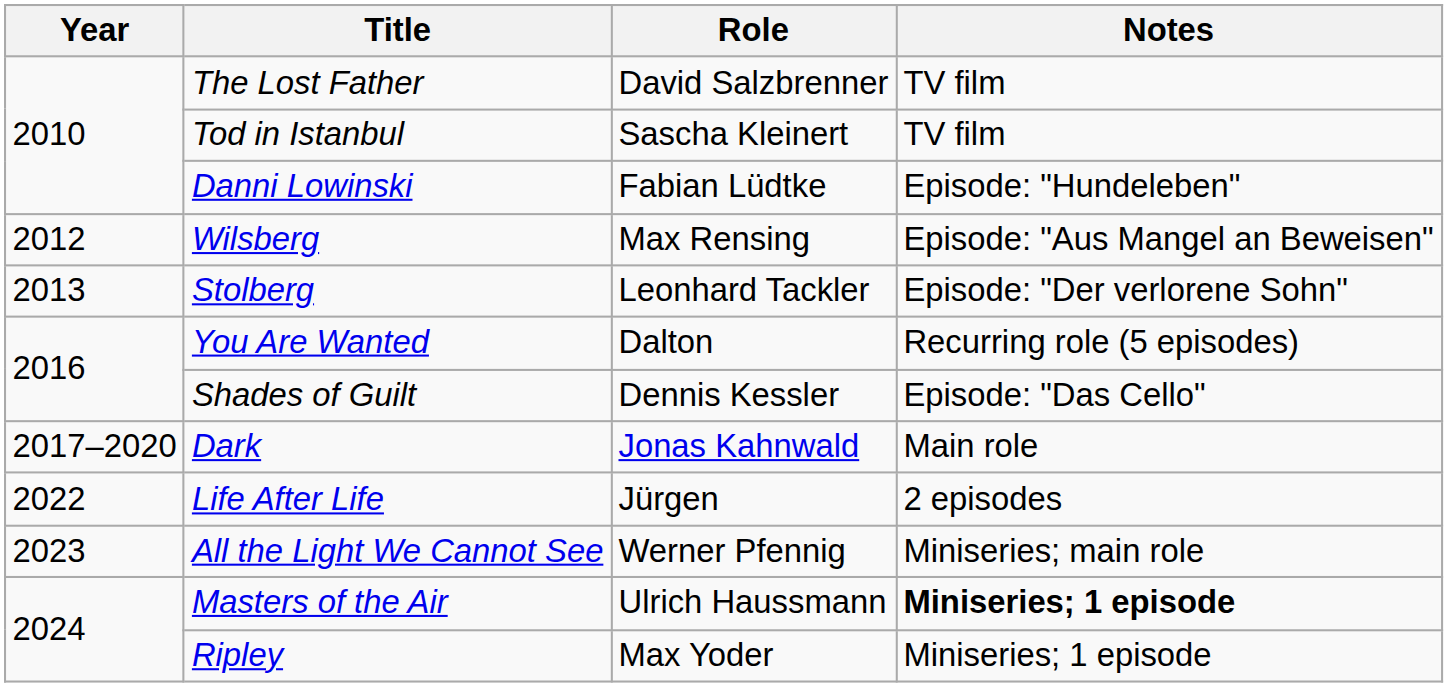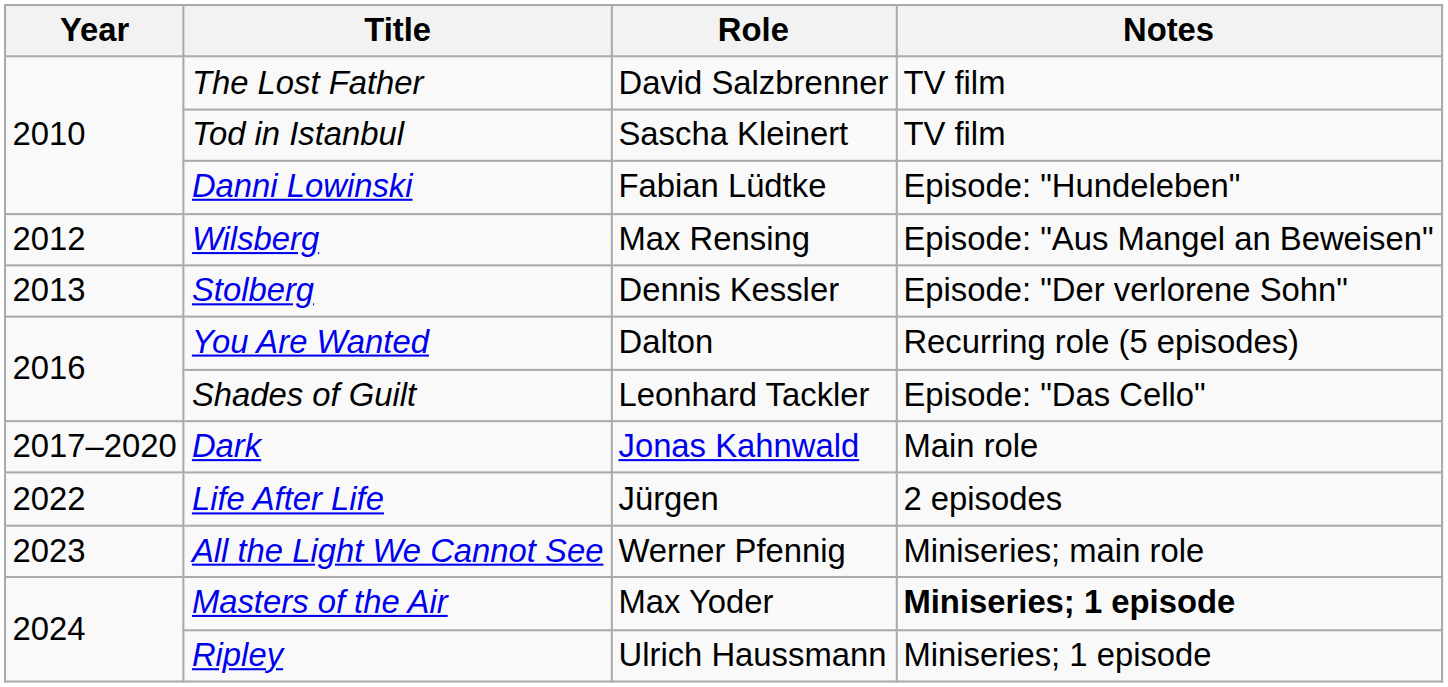 <table class="wikitable sortable">
 <tr>
 <th>Year</th>
 <th>Title</th>
 <th class="unsortable">Role</th>
 <th class="unsortable">Notes</th>
 </tr>
 <tr>
 <td rowspan="3">2010</td>
 <td data-sort-value="Lost Father, The"><em>The Lost Father</em></td>
 <td>David Salzbrenner</td>
 <td>TV film</td>
 </tr>
 <tr>
 <td><em>Tod in Istanbul</em></td>
 <td>Sascha Kleinert</td>
 <td>TV film</td>
 </tr>
 <tr>
 <td><em><a href='#'>Danni Lowinski</a></em></td>
 <td>Fabian Lüdtke</td>
 <td>Episode: "Hundeleben"</td>
 </tr>
 <tr>
 <td>2012</td>
 <td><em><a href='#'>Wilsberg</a></em></td>
 <td>Max Rensing</td>
 <td>Episode: "Aus Mangel an Beweisen"</td>
 </tr>
 <tr>
 <td>2013</td>
 <td><em><a href='#'>Stolberg</a></em></td>
-<td>Leonhard Tackler</td>
+<td>Dennis Kessler</td>
 <td>Episode: "Der verlorene Sohn"</td>
 </tr>
 <tr>
 <td rowspan="2">2016</td>
 <td><em><a href='#'>You Are Wanted</a></em></td>
 <td>Dalton</td>
 <td>Recurring role (5 episodes)</td>
 </tr>
 <tr>
 <td><em>Shades of Guilt</em></td>
-<td>Dennis Kessler</td>
+<td>Leonhard Tackler</td>
 <td>Episode: "Das Cello"</td>
 </tr>
 <tr>
 <td>2017–2020</td>
 <td><em><a href='#'>Dark</a></em></td>
 <td><a href='#'>Jonas Kahnwald</a></td>
 <td>Main role</td>
 </tr>
 <tr>
 <td>2022</td>
 <td><em><a href='#'>Life After Life</a></em></td>
 <td>Jürgen</td>
 <td>2 episodes</td>
 </tr>
 <tr>
 <td>2023</td>
 <td><em><a href='#'>All the Light We Cannot See</a></em></td>
 <td>Werner Pfennig</td>
 <td>Miniseries; main role</td>
 </tr>
 <tr>
 <td rowspan="2">2024</td>
 <td><em><a href='#'>Masters of the Air</a></em></td>
-<td>Ulrich Haussmann</td>
+<td>Max Yoder</td>
 <td><strong>Miniseries; 1 episode</strong></td>
 </tr>
 <tr>
 <td><em><a href='#'>Ripley</a></em></td>
-<td>Max Yoder</td>
+<td>Ulrich Haussmann</td>
 <td>Miniseries; 1 episode</td>
 </tr>
 </table>
